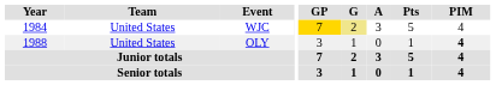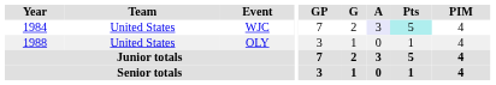 <table border="0" cellpadding="1" cellspacing="0" ID="Table3" style="text-align:center; width:40em">
 <tr bgcolor="#e0e0e0">
 <th>Year</th>
 <th>Team</th>
 <th>Event</th>
 <th rowspan="102" bgcolor="#ffffff"></th>
 <th>GP</th>
 <th>G</th>
 <th>A</th>
 <th>Pts</th>
 <th>PIM</th>
 </tr>
 <tr>
 <td><a href='#'>1984</a></td>
 <td><a href='#'>United States</a></td>
 <td><a href='#'>WJC</a></td>
-<td style="background: gold;">7</td>
-<td style="background: khaki;">2</td>
-<td>3</td>
-<td>5</td>
+<td>7</td>
+<td>2</td>
+<td style="background: lavender;">3</td>
+<td style="background: paleturquoise;">5</td>
 <td>4</td>
 </tr>
 <tr bgcolor="#f0f0f0">
 <td><a href='#'>1988</a></td>
 <td><a href='#'>United States</a></td>
 <td><a href='#'>OLY</a></td>
 <td>3</td>
 <td>1</td>
 <td>0</td>
 <td>1</td>
-<td><strong>4</strong></td>
+<td>4</td>
 </tr>
 <tr bgcolor="#e0e0e0">
 <th colspan="3">Junior totals</th>
 <th>7</th>
 <th>2</th>
 <th>3</th>
 <th>5</th>
 <th>4</th>
 </tr>
 <tr bgcolor="#e0e0e0">
 <th colspan="3">Senior totals</th>
 <th>3</th>
 <th>1</th>
 <th>0</th>
 <th>1</th>
 <th>4</th>
 </tr>
 </table>
